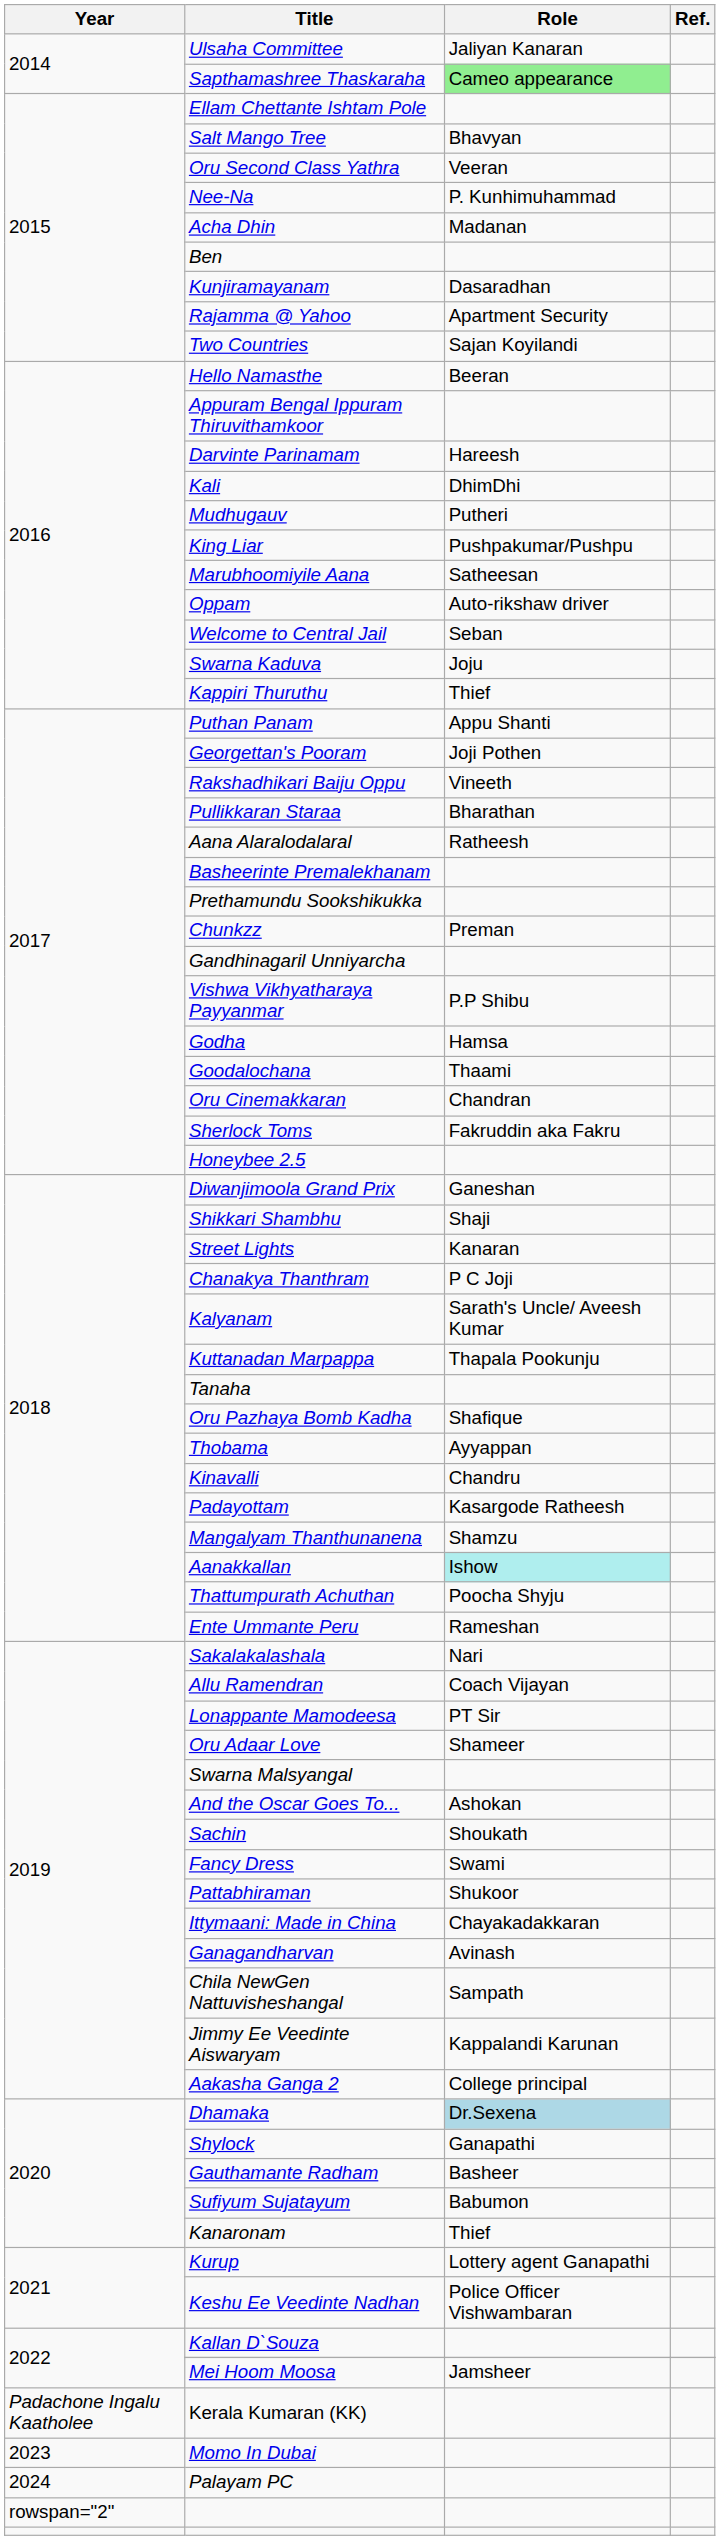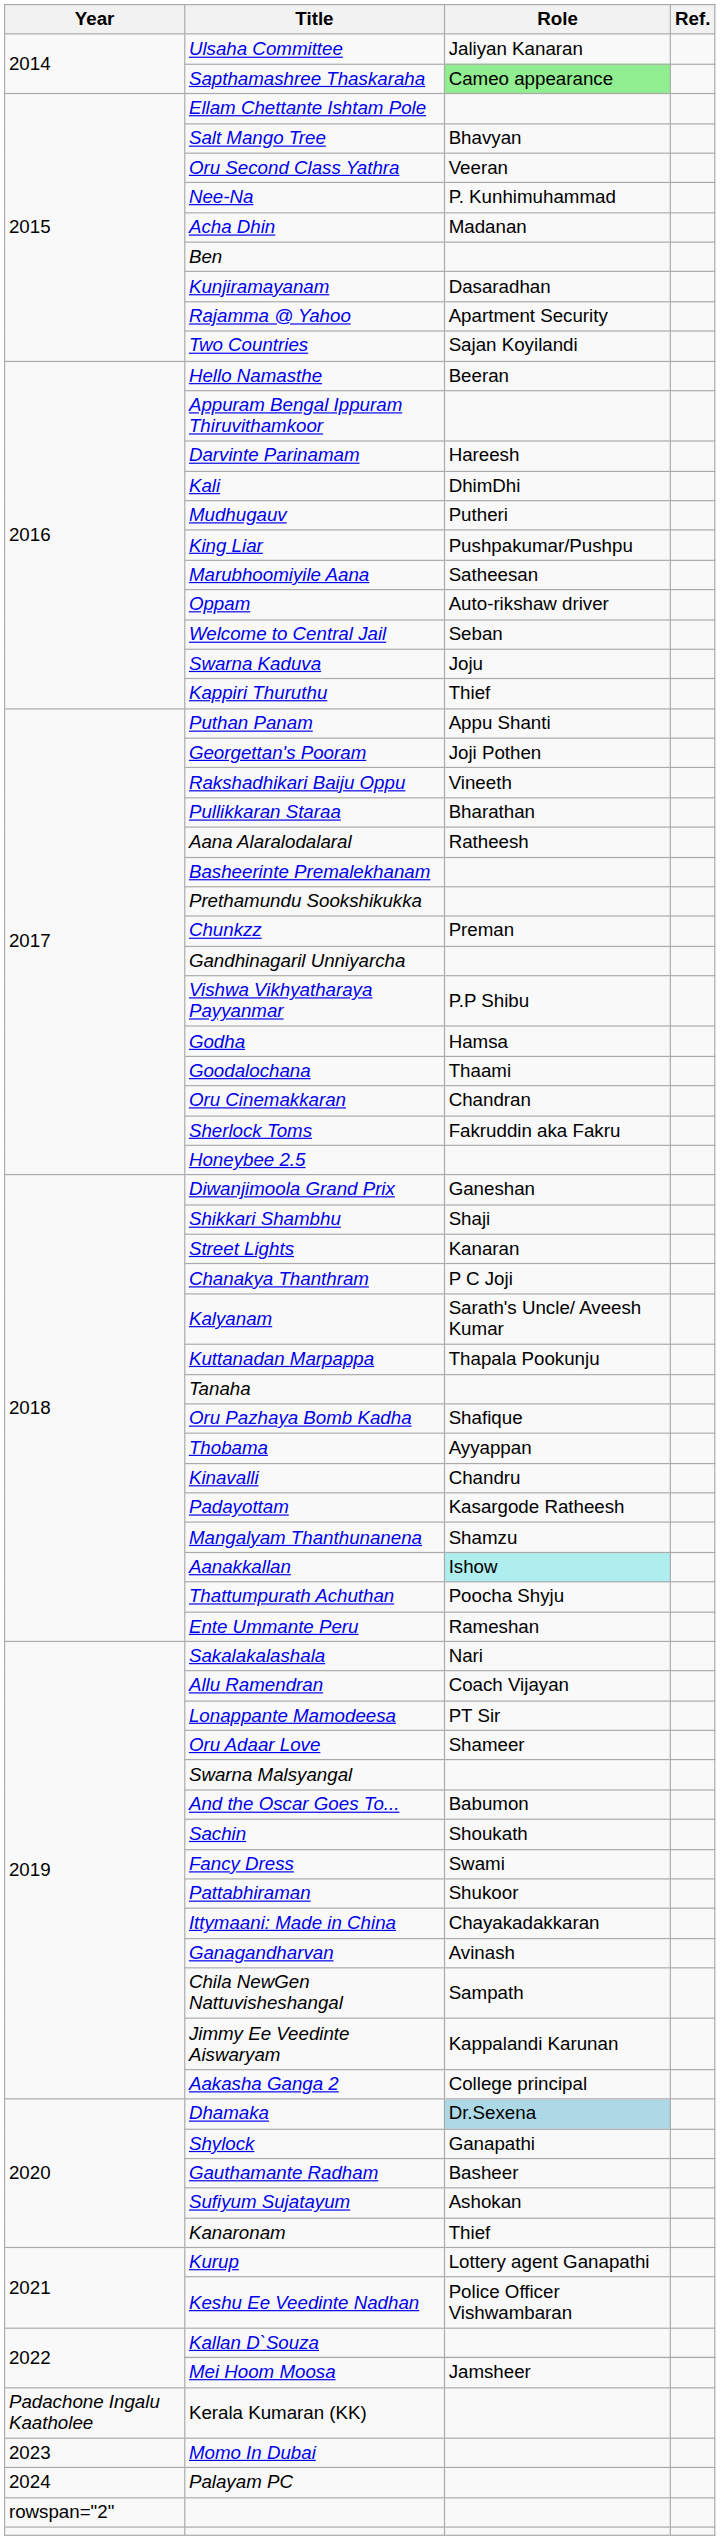 <table class="wikitable sortable">
 <tr>
 <th>Year</th>
 <th>Title</th>
 <th>Role</th>
 <th class="unsortable">Ref.</th>
 </tr>
 <tr>
 <td rowspan="2">2014</td>
 <td><em><a href='#'>Ulsaha Committee</a></em></td>
 <td>Jaliyan Kanaran</td>
 <td></td>
 </tr>
 <tr>
 <td><em><a href='#'>Sapthamashree Thaskaraha</a></em></td>
 <td style="background: lightgreen;">Cameo appearance</td>
 <td></td>
 </tr>
 <tr>
 <td rowspan="9">2015</td>
 <td><em><a href='#'>Ellam Chettante Ishtam Pole</a></em></td>
 <td></td>
 <td></td>
 </tr>
 <tr>
 <td><em><a href='#'>Salt Mango Tree</a></em></td>
 <td>Bhavyan</td>
 <td></td>
 </tr>
 <tr>
 <td><em><a href='#'>Oru Second Class Yathra</a></em></td>
 <td>Veeran</td>
 <td></td>
 </tr>
 <tr>
 <td><em><a href='#'>Nee-Na</a></em></td>
 <td>P. Kunhimuhammad</td>
 <td></td>
 </tr>
 <tr>
 <td><em><a href='#'>Acha Dhin</a></em></td>
 <td>Madanan</td>
 <td></td>
 </tr>
 <tr>
 <td><em>Ben</em></td>
 <td></td>
 <td></td>
 </tr>
 <tr>
 <td><em><a href='#'>Kunjiramayanam</a></em></td>
 <td>Dasaradhan</td>
 <td></td>
 </tr>
 <tr>
 <td><em><a href='#'>Rajamma @ Yahoo</a></em></td>
 <td>Apartment Security</td>
 <td></td>
 </tr>
 <tr>
 <td><em><a href='#'>Two Countries</a></em></td>
 <td>Sajan Koyilandi</td>
 <td></td>
 </tr>
 <tr>
 <td rowspan="11">2016</td>
 <td><em><a href='#'>Hello Namasthe</a></em></td>
 <td>Beeran</td>
 <td></td>
 </tr>
 <tr>
 <td><em><a href='#'>Appuram Bengal Ippuram Thiruvithamkoor</a></em></td>
 <td></td>
 <td></td>
 </tr>
 <tr>
 <td><em><a href='#'>Darvinte Parinamam</a></em></td>
 <td>Hareesh</td>
 <td></td>
 </tr>
 <tr>
 <td><em><a href='#'>Kali</a></em></td>
 <td>DhimDhi</td>
 <td></td>
 </tr>
 <tr>
 <td><em><a href='#'>Mudhugauv</a></em></td>
 <td>Putheri</td>
 <td></td>
 </tr>
 <tr>
 <td><em><a href='#'>King Liar</a></em></td>
 <td>Pushpakumar/Pushpu</td>
 <td></td>
 </tr>
 <tr>
 <td><em><a href='#'>Marubhoomiyile Aana</a></em></td>
 <td>Satheesan</td>
 <td></td>
 </tr>
 <tr>
 <td><em><a href='#'>Oppam</a></em></td>
 <td>Auto-rikshaw driver</td>
 <td></td>
 </tr>
 <tr>
 <td><em><a href='#'>Welcome to Central Jail</a></em></td>
 <td>Seban</td>
 <td></td>
 </tr>
 <tr>
 <td><em><a href='#'>Swarna Kaduva</a></em></td>
 <td>Joju</td>
 <td></td>
 </tr>
 <tr>
 <td><em><a href='#'>Kappiri Thuruthu</a></em></td>
 <td>Thief</td>
 <td></td>
 </tr>
 <tr>
 <td rowspan="15">2017</td>
 <td><em><a href='#'>Puthan Panam</a></em></td>
 <td>Appu Shanti</td>
 <td></td>
 </tr>
 <tr>
 <td><em><a href='#'>Georgettan's Pooram</a></em></td>
 <td>Joji Pothen</td>
 <td></td>
 </tr>
 <tr>
 <td><em><a href='#'>Rakshadhikari Baiju Oppu</a></em></td>
 <td>Vineeth</td>
 <td></td>
 </tr>
 <tr>
 <td><em><a href='#'>Pullikkaran Staraa</a></em></td>
 <td>Bharathan</td>
 <td></td>
 </tr>
 <tr>
 <td><em>Aana Alaralodalaral</em></td>
 <td>Ratheesh</td>
 <td></td>
 </tr>
 <tr>
 <td><em><a href='#'>Basheerinte Premalekhanam</a></em></td>
 <td></td>
 <td></td>
 </tr>
 <tr>
 <td><em>Prethamundu Sookshikukka</em></td>
 <td></td>
 <td></td>
 </tr>
 <tr>
 <td><em><a href='#'>Chunkzz</a></em></td>
 <td>Preman</td>
 <td></td>
 </tr>
 <tr>
 <td><em>Gandhinagaril Unniyarcha</em></td>
 <td></td>
 <td></td>
 </tr>
 <tr>
 <td><em><a href='#'>Vishwa Vikhyatharaya Payyanmar</a></em></td>
 <td>P.P Shibu</td>
 <td></td>
 </tr>
 <tr>
 <td><em><a href='#'>Godha</a></em></td>
 <td>Hamsa</td>
 <td></td>
 </tr>
 <tr>
 <td><em><a href='#'>Goodalochana</a></em></td>
 <td>Thaami</td>
 <td></td>
 </tr>
 <tr>
 <td><em><a href='#'>Oru Cinemakkaran</a></em></td>
 <td>Chandran</td>
 <td></td>
 </tr>
 <tr>
 <td><em><a href='#'>Sherlock Toms</a></em></td>
 <td>Fakruddin aka Fakru</td>
 <td></td>
 </tr>
 <tr>
 <td><em><a href='#'>Honeybee 2.5</a></em></td>
 <td></td>
 <td></td>
 </tr>
 <tr>
 <td rowspan=15>2018</td>
 <td><em><a href='#'>Diwanjimoola Grand Prix</a></em></td>
 <td>Ganeshan</td>
 <td></td>
 </tr>
 <tr>
 <td><em><a href='#'>Shikkari Shambhu</a></em></td>
 <td>Shaji</td>
 <td></td>
 </tr>
 <tr>
 <td><em><a href='#'>Street Lights</a></em></td>
 <td>Kanaran</td>
 <td></td>
 </tr>
 <tr>
 <td><em><a href='#'>Chanakya Thanthram</a></em></td>
 <td>P C Joji</td>
 <td></td>
 </tr>
 <tr>
 <td><a href='#'><em>Kalyanam</em></a></td>
 <td>Sarath's Uncle/ Aveesh Kumar</td>
 <td></td>
 </tr>
 <tr>
 <td><em><a href='#'>Kuttanadan Marpappa</a></em></td>
 <td>Thapala Pookunju</td>
 <td></td>
 </tr>
 <tr>
 <td><em>Tanaha</em></td>
 <td></td>
 <td></td>
 </tr>
 <tr>
 <td><em><a href='#'>Oru Pazhaya Bomb Kadha</a></em></td>
 <td>Shafique</td>
 <td></td>
 </tr>
 <tr>
 <td><em><a href='#'>Thobama</a></em></td>
 <td>Ayyappan</td>
 <td></td>
 </tr>
 <tr>
 <td><em><a href='#'>Kinavalli</a></em></td>
 <td>Chandru</td>
 <td></td>
 </tr>
 <tr>
 <td><a href='#'><em>Padayottam</em></a></td>
 <td>Kasargode Ratheesh</td>
 <td></td>
 </tr>
 <tr>
 <td><em><a href='#'>Mangalyam Thanthunanena</a></em></td>
 <td>Shamzu</td>
 <td></td>
 </tr>
 <tr>
 <td><em><a href='#'>Aanakkallan</a></em></td>
 <td style="background: paleturquoise;">Ishow</td>
 <td></td>
 </tr>
 <tr>
 <td><em><a href='#'>Thattumpurath Achuthan</a></em></td>
 <td>Poocha Shyju</td>
 <td></td>
 </tr>
 <tr>
 <td><em><a href='#'>Ente Ummante Peru</a></em></td>
 <td>Rameshan</td>
 <td></td>
 </tr>
 <tr>
 <td rowspan="14">2019</td>
 <td><em><a href='#'>Sakalakalashala</a></em></td>
 <td>Nari</td>
 <td></td>
 </tr>
 <tr>
 <td><em><a href='#'>Allu Ramendran</a></em></td>
 <td>Coach Vijayan</td>
 <td></td>
 </tr>
 <tr>
 <td><em><a href='#'>Lonappante Mamodeesa</a></em></td>
 <td>PT Sir</td>
 <td></td>
 </tr>
 <tr>
 <td><em><a href='#'>Oru Adaar Love</a></em></td>
 <td>Shameer</td>
 <td></td>
 </tr>
 <tr>
 <td><em>Swarna Malsyangal</em></td>
 <td></td>
 <td></td>
 </tr>
 <tr>
 <td><em><a href='#'>And the Oscar Goes To...</a></em></td>
-<td>Ashokan</td>
+<td>Babumon</td>
 <td></td>
 </tr>
 <tr>
 <td><em><a href='#'>Sachin</a></em></td>
 <td>Shoukath</td>
 <td></td>
 </tr>
 <tr>
 <td><em><a href='#'>Fancy Dress</a></em></td>
 <td>Swami</td>
 <td></td>
 </tr>
 <tr>
 <td><em><a href='#'>Pattabhiraman</a></em></td>
 <td>Shukoor</td>
 <td></td>
 </tr>
 <tr>
 <td><em><a href='#'>Ittymaani: Made in China</a></em></td>
 <td>Chayakadakkaran</td>
 <td></td>
 </tr>
 <tr>
 <td><em><a href='#'>Ganagandharvan</a></em></td>
 <td>Avinash</td>
 <td></td>
 </tr>
 <tr>
 <td><em>Chila NewGen Nattuvisheshangal</em></td>
 <td>Sampath</td>
 <td></td>
 </tr>
 <tr>
 <td><em>Jimmy Ee Veedinte Aiswaryam</em></td>
 <td>Kappalandi Karunan</td>
 <td></td>
 </tr>
 <tr>
 <td><em><a href='#'>Aakasha Ganga 2</a></em></td>
 <td>College principal</td>
 <td></td>
 </tr>
 <tr>
 <td rowspan="5">2020</td>
 <td><em><a href='#'>Dhamaka</a></em></td>
 <td style="background: lightblue;">Dr.Sexena</td>
 <td></td>
 </tr>
 <tr>
 <td><em><a href='#'>Shylock</a></em></td>
 <td>Ganapathi</td>
 <td></td>
 </tr>
 <tr>
 <td><em><a href='#'>Gauthamante Radham</a></em></td>
 <td>Basheer</td>
 <td></td>
 </tr>
 <tr>
 <td><em><a href='#'>Sufiyum Sujatayum</a></em></td>
-<td>Babumon</td>
+<td>Ashokan</td>
 <td></td>
 </tr>
 <tr>
 <td><em>Kanaronam</em></td>
 <td>Thief</td>
 <td></td>
 </tr>
 <tr>
 <td rowspan="2">2021</td>
 <td><em><a href='#'>Kurup</a></em></td>
 <td>Lottery agent Ganapathi</td>
 <td></td>
 </tr>
 <tr>
 <td><em><a href='#'>Keshu Ee Veedinte Nadhan</a></em></td>
 <td>Police Officer Vishwambaran</td>
 <td></td>
 </tr>
 <tr>
 <td Rowspan=3>2022</td>
 <td><em><a href='#'>Kallan D`Souza</a></em></td>
 <td></td>
 <td></td>
 </tr>
 <tr>
 </tr>
 <tr>
 <td><em><a href='#'>Mei Hoom Moosa</a></em></td>
 <td>Jamsheer</td>
 <td></td>
 </tr>
 <tr>
 <td><em>Padachone Ingalu Kaatholee</em></td>
 <td>Kerala Kumaran (KK)</td>
 <td></td>
 </tr>
 <tr>
 <td>2023</td>
 <td><em><a href='#'>Momo In Dubai</a></em></td>
 <td></td>
 <td></td>
 </tr>
 <tr>
 <td>2024</td>
 <td><em>Palayam PC</em></td>
 <td></td>
 <td></td>
 </tr>
 <tr>
 <td>rowspan="2" </td>
 <td></td>
 <td></td>
 <td></td>
 </tr>
 <tr>
 <td></td>
 <td></td>
 <td></td>
 </tr>
 </table>
